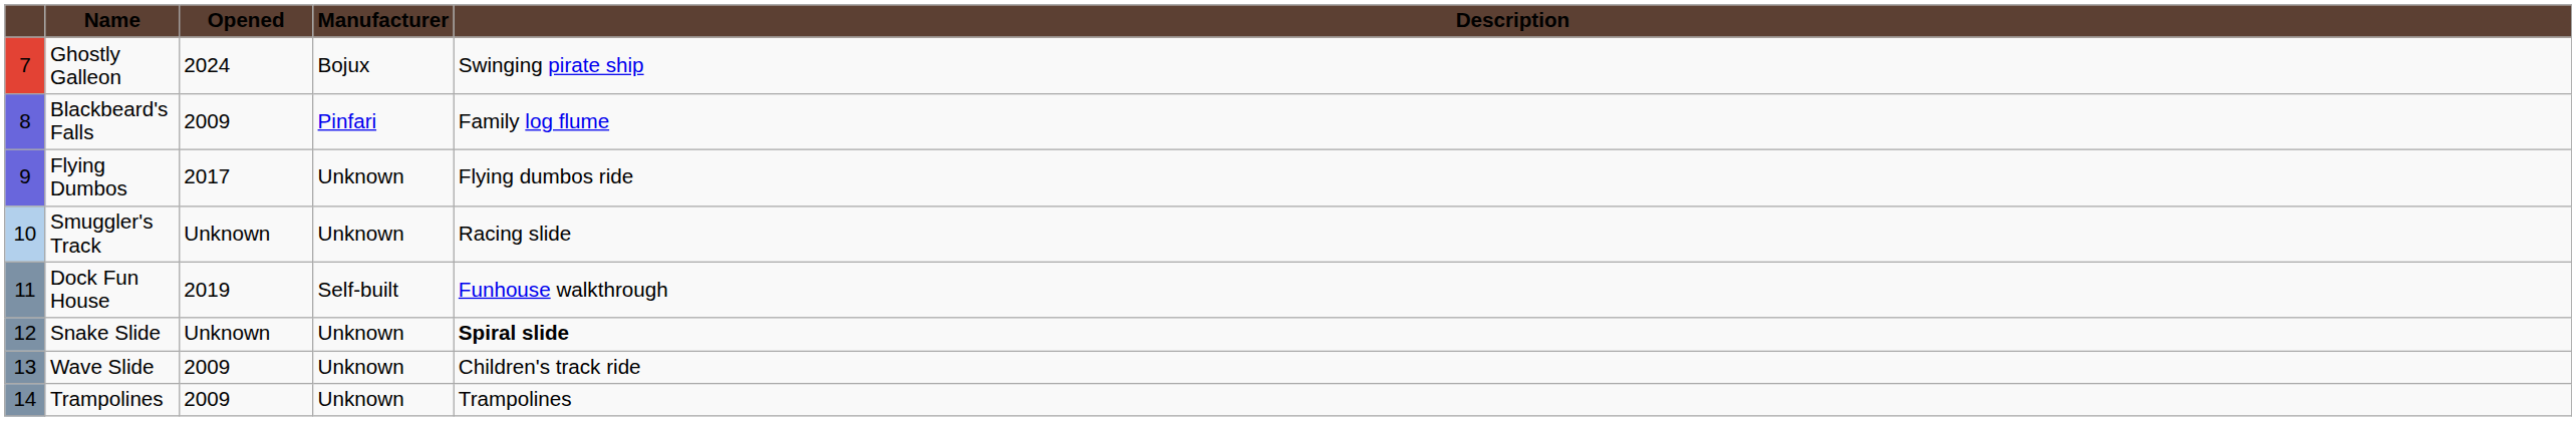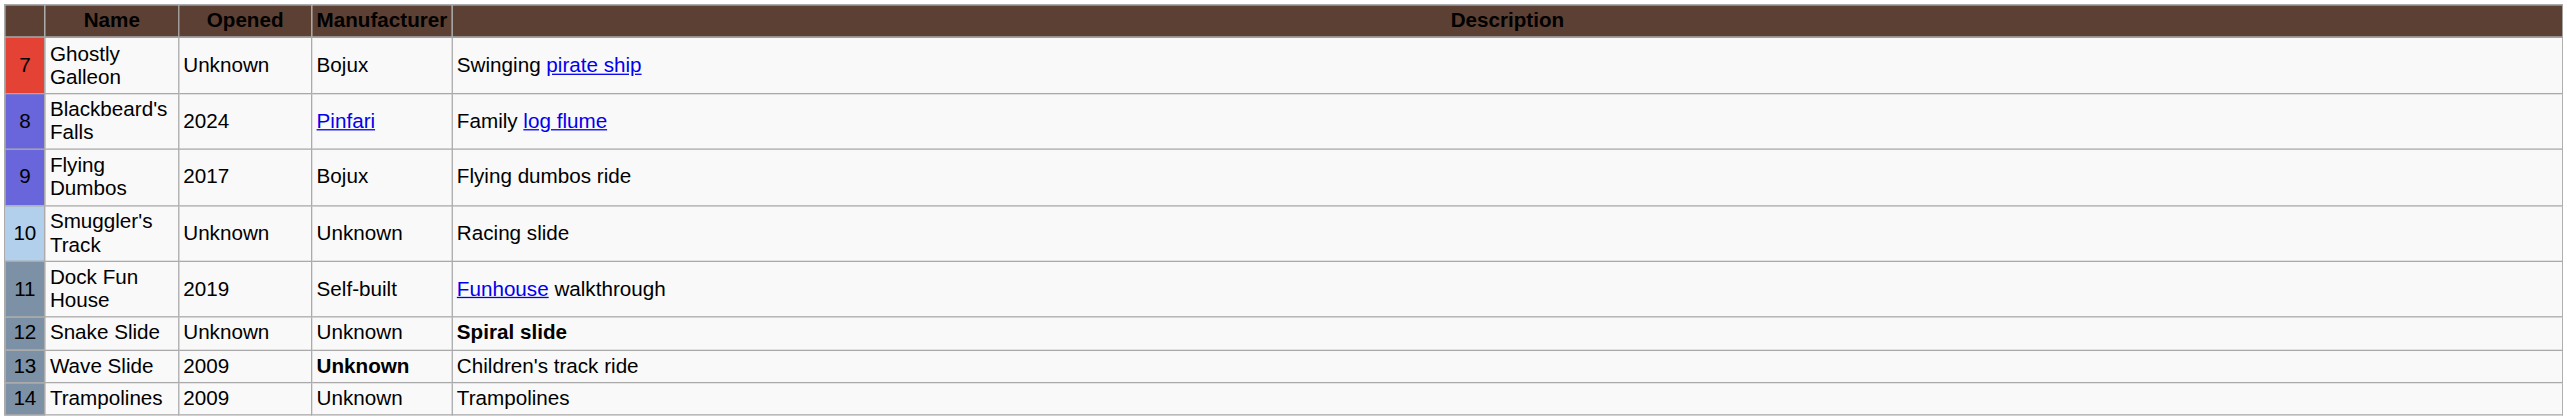 <table class="wikitable sortable" style="width: 100%; font sizes: 95%;">
 <tr>
 <th style="background-color: #5C4033; width: 1.5em;"></th>
 <th style="background-color: #5C4033; width: 6em;">Name</th>
 <th style="background-color: #5C4033; width: 6em;">Opened</th>
 <th style="background-color: #5C4033; width: 6em;">Manufacturer</th>
 <th style="background-color: #5C4033;">Description</th>
 </tr>
 <tr>
 <td bgcolor="#e34234" style="text-align: center;">7</td>
 <td>Ghostly Galleon</td>
-<td>2024</td>
+<td>Unknown</td>
 <td>Bojux</td>
 <td>Swinging <a href='#'>pirate ship</a></td>
 </tr>
 <tr>
 <td bgcolor="#6966dc" style="text-align: center;">8</td>
 <td>Blackbeard's Falls</td>
-<td>2009</td>
+<td>2024</td>
 <td><a href='#'>Pinfari</a></td>
 <td>Family <a href='#'>log flume</a></td>
 </tr>
 <tr>
 <td bgcolor="#6966dc" style="text-align: center;">9</td>
 <td>Flying Dumbos</td>
 <td>2017</td>
-<td>Unknown</td>
+<td>Bojux</td>
 <td>Flying dumbos ride</td>
 </tr>
 <tr>
 <td bgcolor="#b2d0ec" style="text-align: center;">10</td>
 <td>Smuggler's Track</td>
 <td>Unknown</td>
 <td>Unknown</td>
 <td>Racing slide</td>
 </tr>
 <tr>
 <td bgcolor="#7c91a5" style="text-align: center;">11</td>
 <td>Dock Fun House</td>
 <td>2019</td>
 <td>Self-built</td>
 <td><a href='#'>Funhouse</a> walkthrough</td>
 </tr>
 <tr>
 <td bgcolor="#7c91a5" style="text-align: center;">12</td>
 <td>Snake Slide</td>
 <td>Unknown</td>
 <td>Unknown</td>
 <td><strong>Spiral slide</strong></td>
 </tr>
 <tr>
 <td bgcolor="#7c91a5" style="text-align: center;">13</td>
 <td>Wave Slide</td>
 <td>2009</td>
-<td>Unknown</td>
+<td><strong>Unknown</strong></td>
 <td>Children's track ride</td>
 </tr>
 <tr>
 <td bgcolor="#7c91a5" style="text-align: center;">14</td>
 <td>Trampolines</td>
 <td>2009</td>
 <td>Unknown</td>
 <td>Trampolines</td>
 </tr>
 </table>
